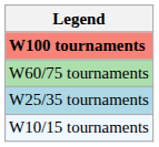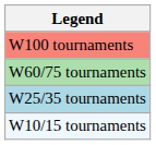 <table class="wikitable" style="font-size:85%">
 <tr>
 <th>Legend</th>
 </tr>
 <tr style="background:#f88379;">
-<td><strong>W100 tournaments</strong></td>
+<td>W100 tournaments</td>
 </tr>
 <tr style="background:#addfad;">
 <td>W60/75 tournaments</td>
 </tr>
 <tr style="background:lightblue;">
 <td>W25/35 tournaments</td>
 </tr>
 <tr style="background:#f0f8ff;">
 <td>W10/15 tournaments</td>
 </tr>
 </table>
